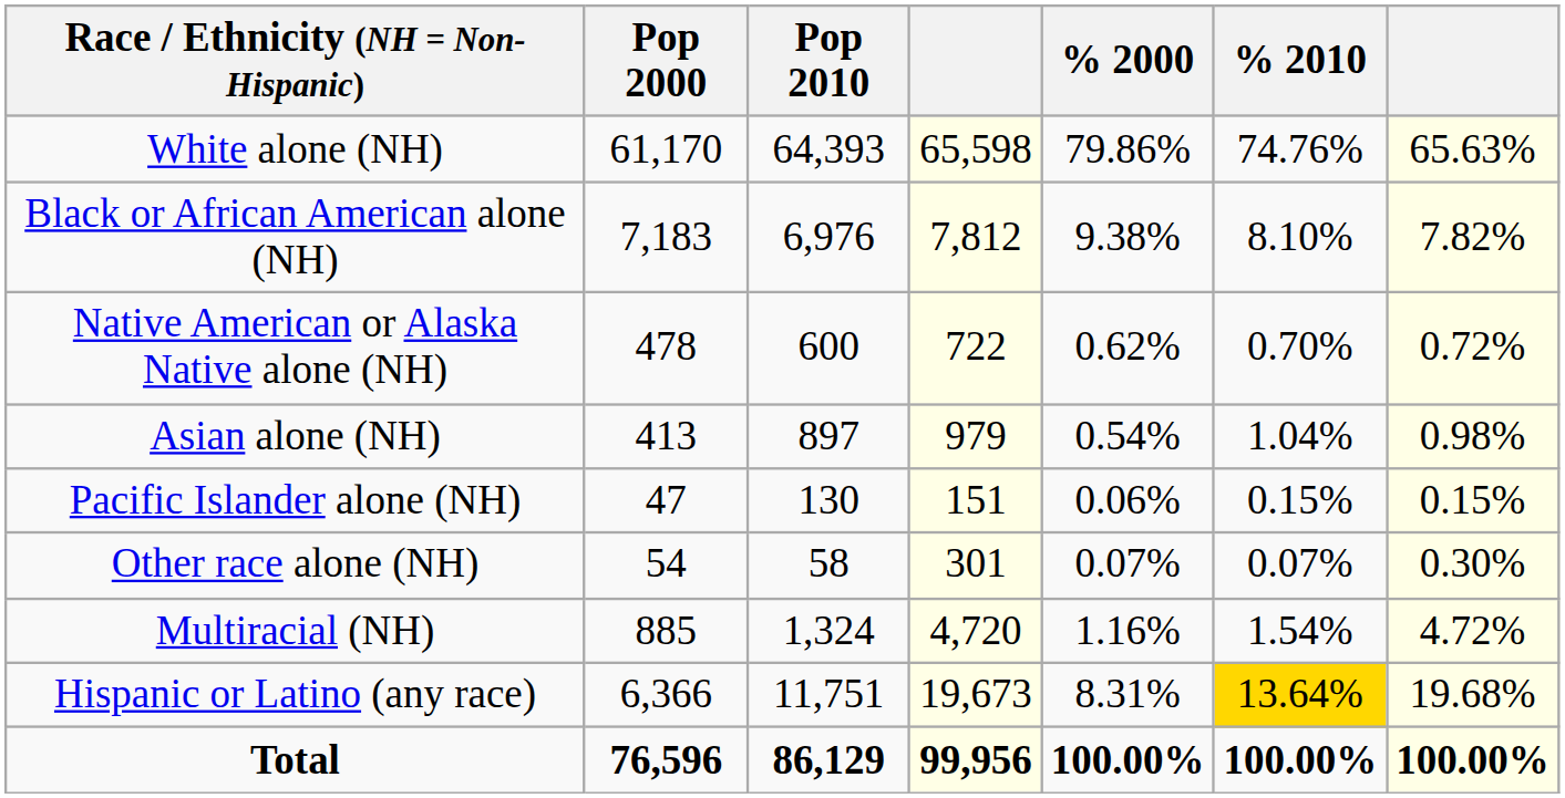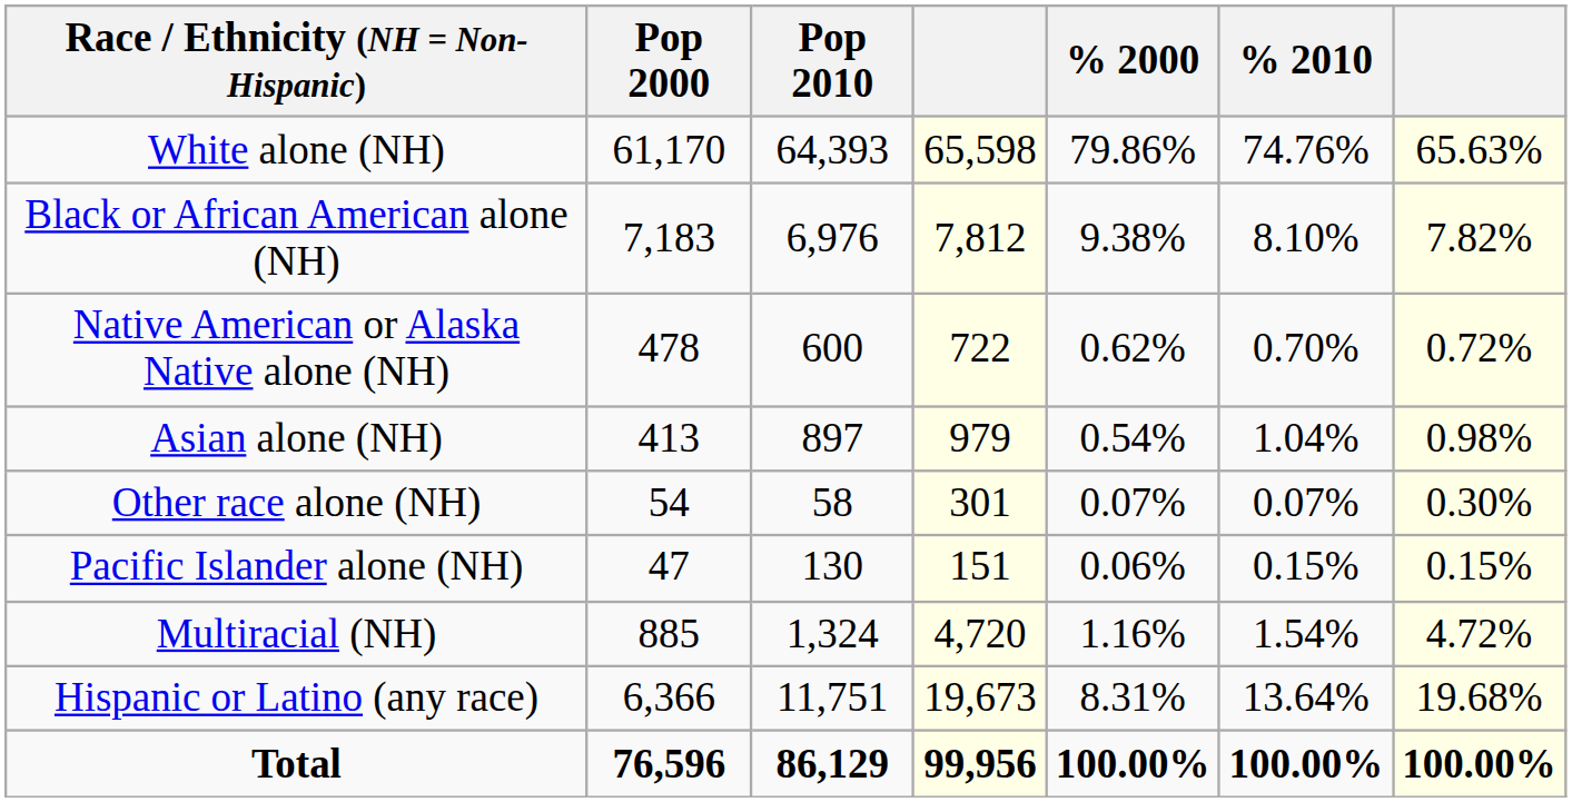 <table class="wikitable" style="text-align:center;">
 <tr>
 <th>Race / Ethnicity <small>(<em>NH = Non-Hispanic</em>)</small></th>
 <th>Pop 2000</th>
 <th>Pop 2010</th>
 <th></th>
 <th>% 2000</th>
 <th>% 2010</th>
 <th></th>
 </tr>
 <tr>
 <td><a href='#'>White</a> alone (NH)</td>
 <td>61,170</td>
 <td>64,393</td>
 <td style='background: #ffffe6;'>65,598</td>
 <td>79.86%</td>
 <td>74.76%</td>
 <td style='background: #ffffe6;'>65.63%</td>
 </tr>
 <tr>
 <td><a href='#'>Black or African American</a> alone (NH)</td>
 <td>7,183</td>
 <td>6,976</td>
 <td style='background: #ffffe6;'>7,812</td>
 <td>9.38%</td>
 <td>8.10%</td>
 <td style='background: #ffffe6;'>7.82%</td>
 </tr>
 <tr>
 <td><a href='#'>Native American</a> or <a href='#'>Alaska Native</a> alone (NH)</td>
 <td>478</td>
 <td>600</td>
 <td style='background: #ffffe6;'>722</td>
 <td>0.62%</td>
 <td>0.70%</td>
 <td style='background: #ffffe6;'>0.72%</td>
 </tr>
 <tr>
 <td><a href='#'>Asian</a> alone (NH)</td>
 <td>413</td>
 <td>897</td>
 <td style='background: #ffffe6;'>979</td>
 <td>0.54%</td>
 <td>1.04%</td>
 <td style='background: #ffffe6;'>0.98%</td>
 </tr>
 <tr>
+<td><a href='#'>Other race</a> alone (NH)</td>
+<td>54</td>
+<td>58</td>
+<td style='background: #ffffe6;'>301</td>
+<td>0.07%</td>
+<td>0.07%</td>
+<td style='background: #ffffe6;'>0.30%</td>
+</tr>
+<tr>
 <td><a href='#'>Pacific Islander</a> alone (NH)</td>
 <td>47</td>
 <td>130</td>
 <td style='background: #ffffe6;'>151</td>
 <td>0.06%</td>
 <td>0.15%</td>
 <td style='background: #ffffe6;'>0.15%</td>
-</tr>
-<tr>
-<td><a href='#'>Other race</a> alone (NH)</td>
-<td>54</td>
-<td>58</td>
-<td style='background: #ffffe6;'>301</td>
-<td>0.07%</td>
-<td>0.07%</td>
-<td style='background: #ffffe6;'>0.30%</td>
 </tr>
 <tr>
 <td><a href='#'>Multiracial</a> (NH)</td>
 <td>885</td>
 <td>1,324</td>
 <td style='background: #ffffe6;'>4,720</td>
 <td>1.16%</td>
 <td>1.54%</td>
 <td style='background: #ffffe6;'>4.72%</td>
 </tr>
 <tr>
 <td><a href='#'>Hispanic or Latino</a> (any race)</td>
 <td>6,366</td>
 <td>11,751</td>
 <td style='background: #ffffe6;'>19,673</td>
 <td>8.31%</td>
-<td style="background: gold;">13.64%</td>
+<td>13.64%</td>
 <td style='background: #ffffe6;'>19.68%</td>
 </tr>
 <tr>
 <td><strong>Total</strong></td>
 <td><strong>76,596</strong></td>
 <td><strong>86,129</strong></td>
 <td style='background: #ffffe6;'><strong>99,956</strong></td>
 <td><strong>100.00%</strong></td>
 <td><strong>100.00%</strong></td>
 <td style='background: #ffffe6;'><strong>100.00%</strong></td>
 </tr>
 </table>
